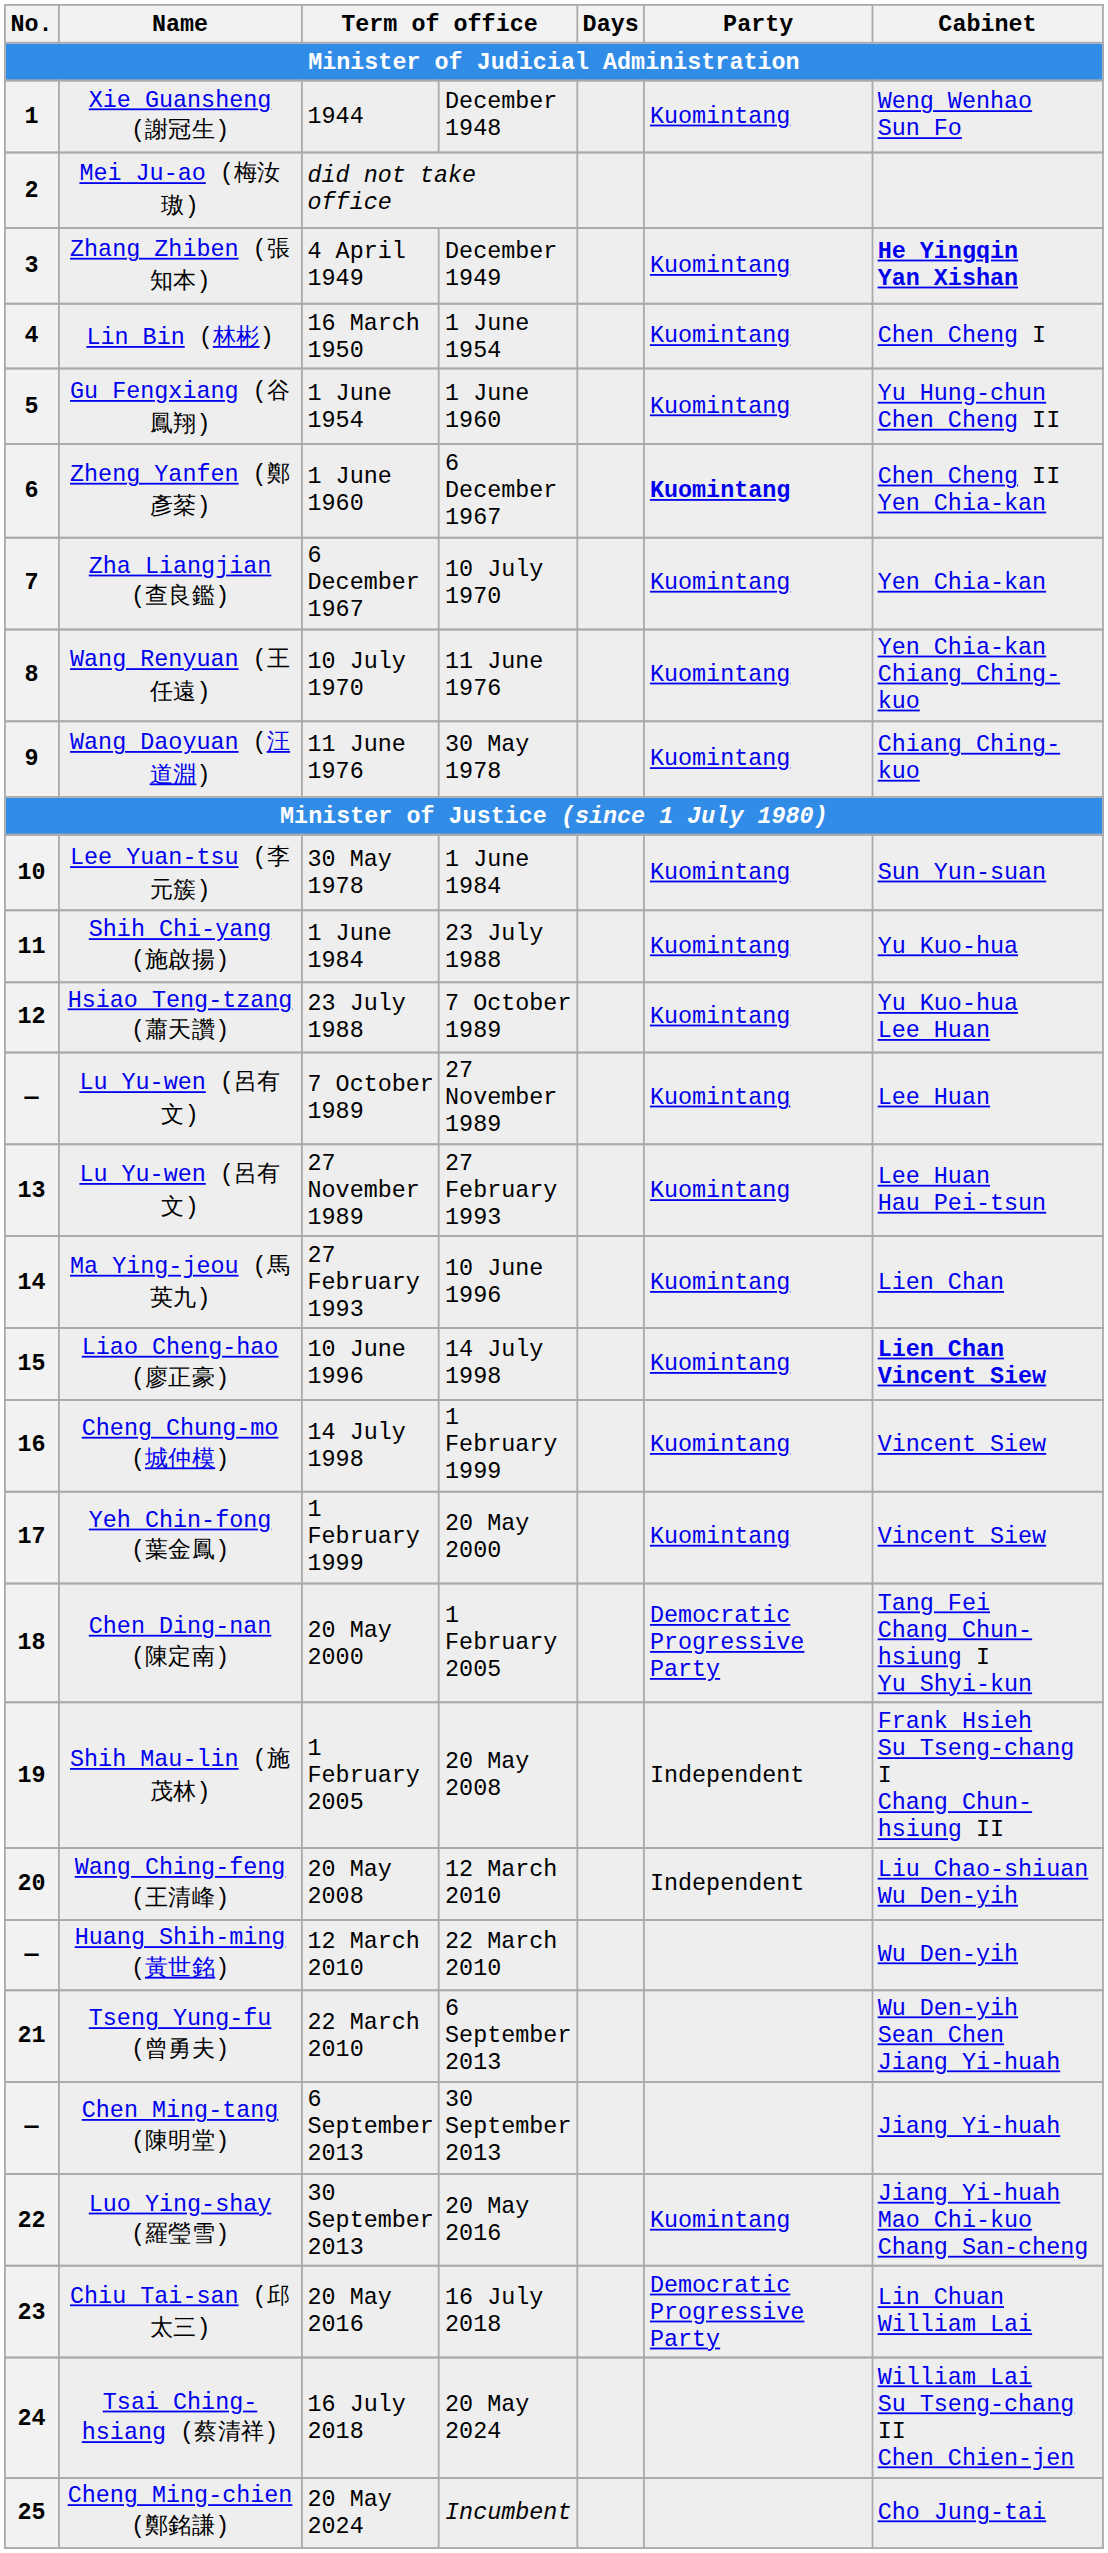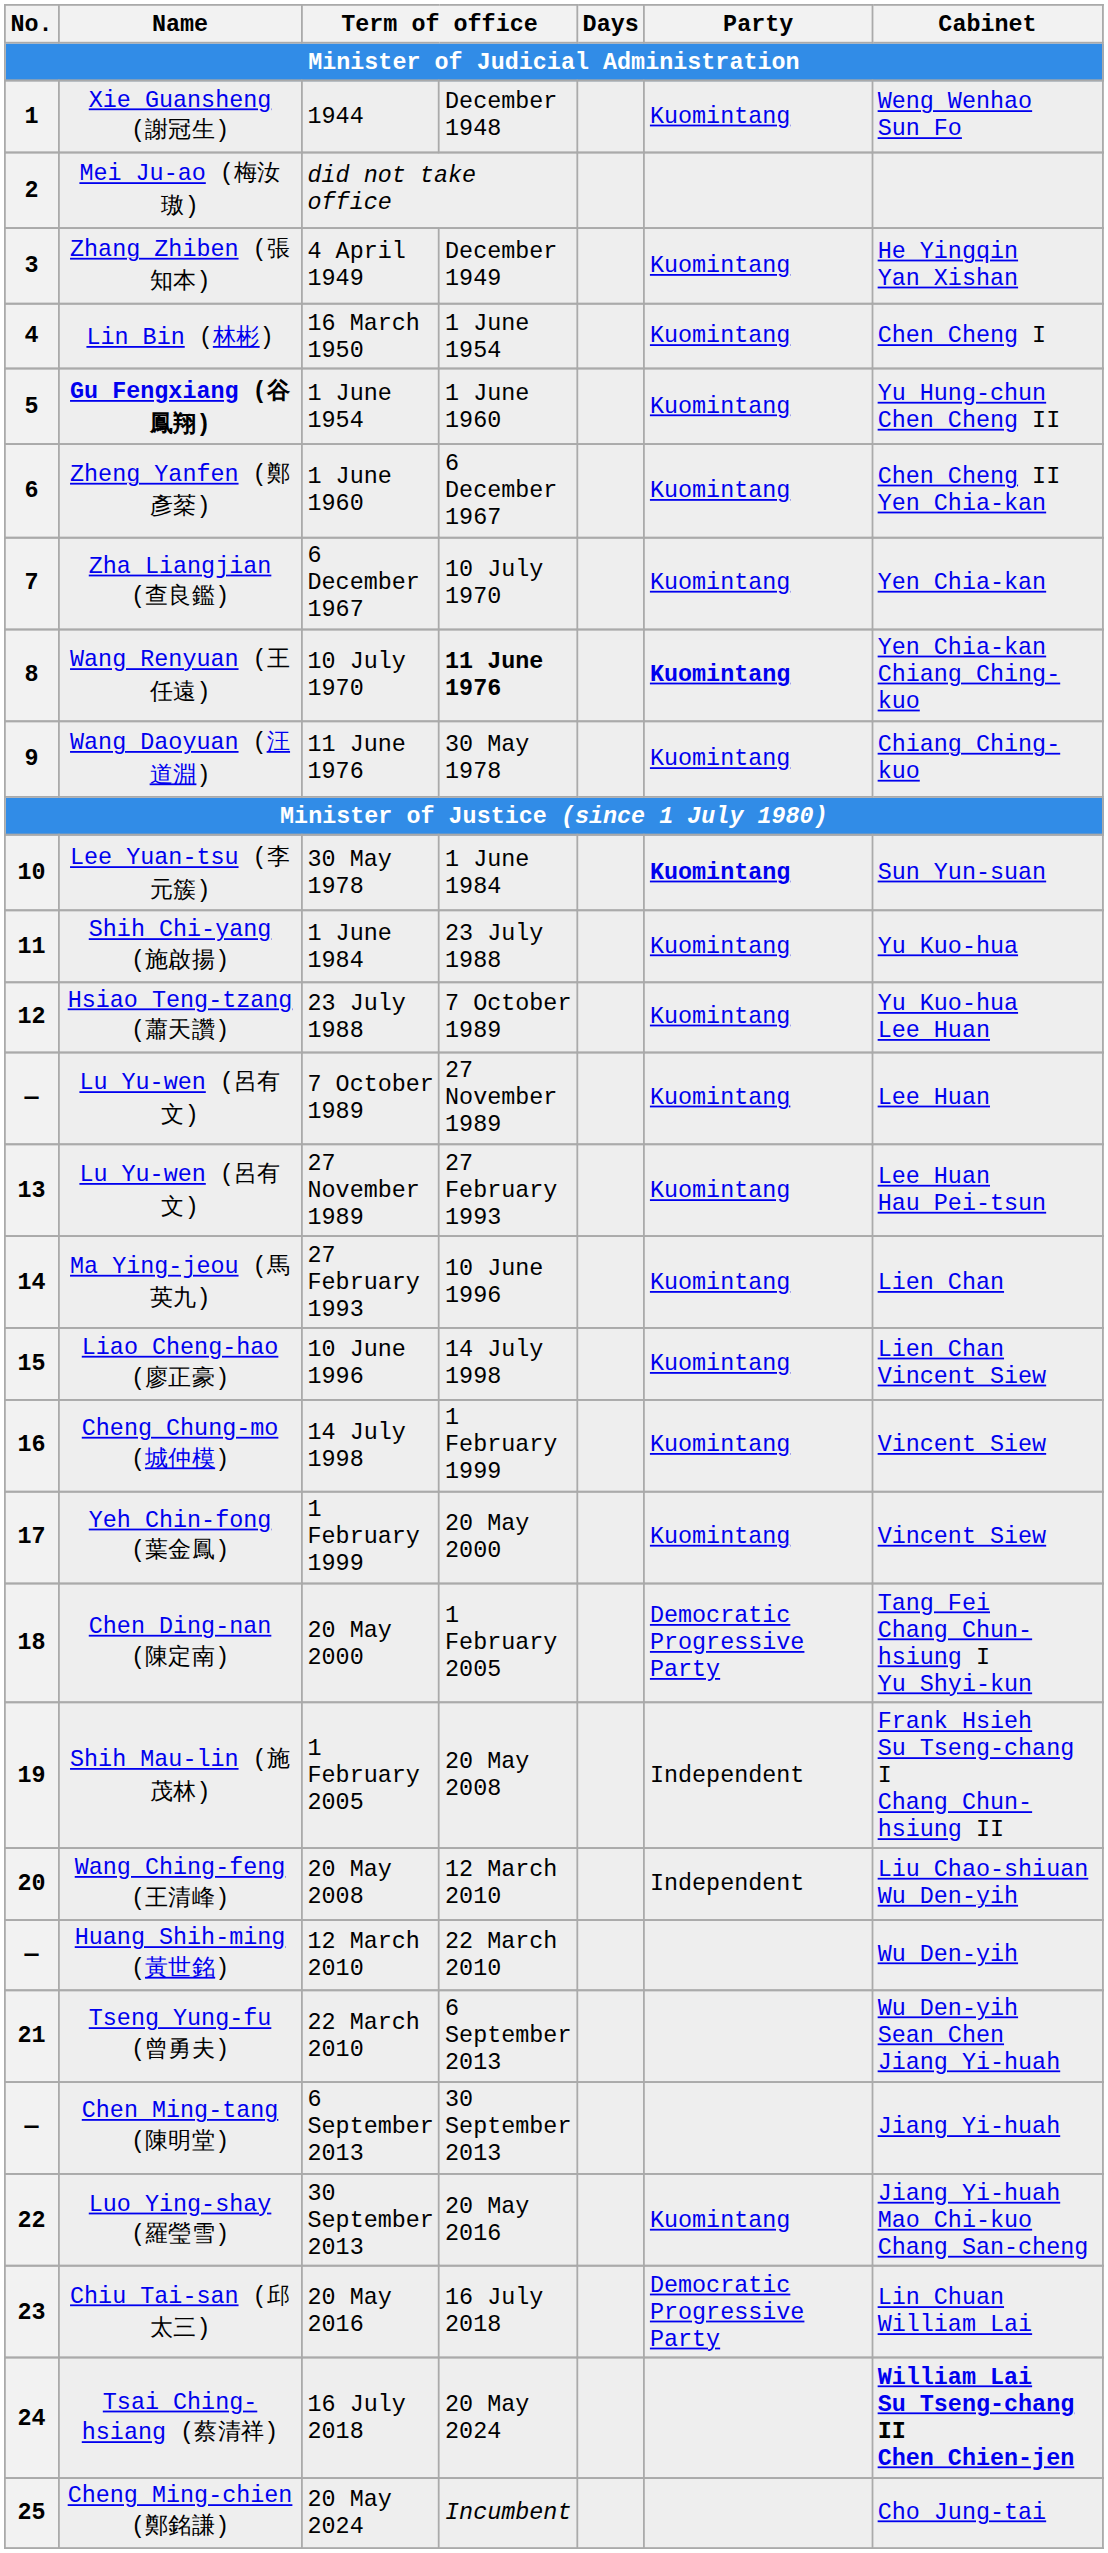 <table class="wikitable">
 <tr ->
 <th>No.</th>
 <th width="180">Name</th>
 <th colspan=2 width="180">Term of office</th>
 <th>Days</th>
 <th width="150">Party</th>
 <th width="180">Cabinet</th>
 </tr>
 <tr ->
 <th colspan=7 style="background:#318CE7; color:white;">Minister of Judicial Administration</th>
 </tr>
 <tr ->
 </tr>
 <tr - bgcolor=#EEEEEE>
 <th style="background:">1</th>
 <td align=center><a href='#'>Xie Guansheng</a> (謝冠生)</td>
 <td>1944</td>
 <td>December 1948</td>
 <td></td>
 <td><a href='#'>Kuomintang</a></td>
 <td><a href='#'>Weng Wenhao</a><br><a href='#'>Sun Fo</a></td>
 </tr>
 <tr ->
 </tr>
 <tr - bgcolor=#EEEEEE>
 <th style="background:">2</th>
 <td align=center><a href='#'>Mei Ju-ao</a> (梅汝璈)</td>
 <td colspan=2><em>did not take office</em></td>
 <td></td>
 <td></td>
 <td></td>
 </tr>
 <tr ->
 </tr>
 <tr - bgcolor=#EEEEEE>
 <th style="background:">3</th>
 <td align=center><a href='#'>Zhang Zhiben</a> (張知本)</td>
 <td>4 April 1949</td>
 <td>December 1949</td>
 <td></td>
 <td><a href='#'>Kuomintang</a></td>
-<td><strong><a href='#'>He Yingqin</a><br><a href='#'>Yan Xishan</a></strong></td>
+<td><a href='#'>He Yingqin</a><br><a href='#'>Yan Xishan</a></td>
 </tr>
 <tr ->
 </tr>
 <tr - bgcolor=#EEEEEE>
 <th style="background:">4</th>
 <td align=center><a href='#'>Lin Bin</a> (<a href='#'>林彬</a>)</td>
 <td>16 March 1950</td>
 <td>1 June 1954</td>
 <td></td>
 <td><a href='#'>Kuomintang</a></td>
 <td><a href='#'>Chen Cheng</a> I</td>
 </tr>
 <tr ->
 </tr>
 <tr - bgcolor=#EEEEEE>
 <th style="background:">5</th>
-<td align=center><a href='#'>Gu Fengxiang</a> (谷鳳翔)</td>
+<td align=center><strong><a href='#'>Gu Fengxiang</a> (谷鳳翔)</strong></td>
 <td>1 June 1954</td>
 <td>1 June 1960</td>
 <td></td>
 <td><a href='#'>Kuomintang</a></td>
 <td><a href='#'>Yu Hung-chun</a><br><a href='#'>Chen Cheng</a> II</td>
 </tr>
 <tr ->
 </tr>
 <tr - bgcolor=#EEEEEE>
 <th style="background:">6</th>
 <td align=center><a href='#'>Zheng Yanfen</a> (鄭彥棻)</td>
 <td>1 June 1960</td>
 <td>6 December 1967</td>
 <td></td>
-<td><strong><a href='#'>Kuomintang</a></strong></td>
+<td><a href='#'>Kuomintang</a></td>
 <td><a href='#'>Chen Cheng</a> II<br><a href='#'>Yen Chia-kan</a></td>
 </tr>
 <tr ->
 </tr>
 <tr - bgcolor=#EEEEEE>
 <th style="background:">7</th>
 <td align=center><a href='#'>Zha Liangjian</a> (查良鑑)</td>
 <td>6 December 1967</td>
 <td>10 July 1970</td>
 <td></td>
 <td><a href='#'>Kuomintang</a></td>
 <td><a href='#'>Yen Chia-kan</a></td>
 </tr>
 <tr ->
 </tr>
 <tr - bgcolor=#EEEEEE>
 <th style="background:">8</th>
 <td align=center><a href='#'>Wang Renyuan</a> (王任遠)</td>
 <td>10 July 1970</td>
-<td>11 June 1976</td>
+<td><strong>11 June 1976</strong></td>
 <td></td>
-<td><a href='#'>Kuomintang</a></td>
+<td><strong><a href='#'>Kuomintang</a></strong></td>
 <td><a href='#'>Yen Chia-kan</a><br><a href='#'>Chiang Ching-kuo</a></td>
 </tr>
 <tr ->
 </tr>
 <tr - bgcolor=#EEEEEE>
 <th style="background:">9</th>
 <td align=center><a href='#'>Wang Daoyuan</a> (<a href='#'>汪道淵</a>)</td>
 <td>11 June 1976</td>
 <td>30 May 1978</td>
 <td></td>
 <td><a href='#'>Kuomintang</a></td>
 <td><a href='#'>Chiang Ching-kuo</a></td>
 </tr>
 <tr ->
 <th colspan=7 style="background:#318CE7; color:white;">Minister of Justice <em>(since 1 July 1980)</em></th>
 </tr>
 <tr ->
 </tr>
 <tr - bgcolor=#EEEEEE>
 <th style="background:">10</th>
 <td align=center><a href='#'>Lee Yuan-tsu</a> (李元簇)</td>
 <td>30 May 1978</td>
 <td>1 June 1984</td>
 <td></td>
-<td><a href='#'>Kuomintang</a></td>
+<td><strong><a href='#'>Kuomintang</a></strong></td>
 <td><a href='#'>Sun Yun-suan</a></td>
 </tr>
 <tr ->
 </tr>
 <tr - bgcolor=#EEEEEE>
 <th style="background:">11</th>
 <td align=center><a href='#'>Shih Chi-yang</a> (施啟揚)</td>
 <td>1 June 1984</td>
 <td>23 July 1988</td>
 <td></td>
 <td><a href='#'>Kuomintang</a></td>
 <td><a href='#'>Yu Kuo-hua</a></td>
 </tr>
 <tr ->
 </tr>
 <tr - bgcolor=#EEEEEE>
 <th style="background:">12</th>
 <td align=center><a href='#'>Hsiao Teng-tzang</a> (蕭天讚)</td>
 <td>23 July 1988</td>
 <td>7 October 1989</td>
 <td></td>
 <td><a href='#'>Kuomintang</a></td>
 <td><a href='#'>Yu Kuo-hua</a><br><a href='#'>Lee Huan</a></td>
 </tr>
 <tr ->
 </tr>
 <tr - bgcolor=#EEEEEE>
 <th style="background:">—</th>
 <td align=center><a href='#'>Lu Yu-wen</a> (呂有文)</td>
 <td>7 October 1989</td>
 <td>27 November 1989</td>
 <td></td>
 <td><a href='#'>Kuomintang</a></td>
 <td><a href='#'>Lee Huan</a></td>
 </tr>
 <tr ->
 </tr>
 <tr - bgcolor=#EEEEEE>
 <th style="background:">13</th>
 <td align=center><a href='#'>Lu Yu-wen</a> (呂有文)</td>
 <td>27 November 1989</td>
 <td>27 February 1993</td>
 <td></td>
 <td><a href='#'>Kuomintang</a></td>
 <td><a href='#'>Lee Huan</a><br><a href='#'>Hau Pei-tsun</a></td>
 </tr>
 <tr ->
 </tr>
 <tr - bgcolor=#EEEEEE>
 <th style="background:">14</th>
 <td align=center><a href='#'>Ma Ying-jeou</a> (馬英九)</td>
 <td>27 February 1993</td>
 <td>10 June 1996</td>
 <td></td>
 <td><a href='#'>Kuomintang</a></td>
 <td><a href='#'>Lien Chan</a></td>
 </tr>
 <tr ->
 </tr>
 <tr - bgcolor=#EEEEEE>
 <th style="background:">15</th>
 <td align=center><a href='#'>Liao Cheng-hao</a> (廖正豪)</td>
 <td>10 June 1996</td>
 <td>14 July 1998</td>
 <td></td>
 <td><a href='#'>Kuomintang</a></td>
-<td><strong><a href='#'>Lien Chan</a><br><a href='#'>Vincent Siew</a></strong></td>
+<td><a href='#'>Lien Chan</a><br><a href='#'>Vincent Siew</a></td>
 </tr>
 <tr ->
 </tr>
 <tr - bgcolor=#EEEEEE>
 <th style="background:">16</th>
 <td align=center><a href='#'>Cheng Chung-mo</a> (<a href='#'>城仲模</a>)</td>
 <td>14 July 1998</td>
 <td>1 February 1999</td>
 <td></td>
 <td><a href='#'>Kuomintang</a></td>
 <td><a href='#'>Vincent Siew</a></td>
 </tr>
 <tr ->
 </tr>
 <tr - bgcolor=#EEEEEE>
 <th style="background:">17</th>
 <td align=center><a href='#'>Yeh Chin-fong</a> (葉金鳳)</td>
 <td>1 February 1999</td>
 <td>20 May 2000</td>
 <td></td>
 <td><a href='#'>Kuomintang</a></td>
 <td><a href='#'>Vincent Siew</a></td>
 </tr>
 <tr ->
 </tr>
 <tr - bgcolor=#EEEEEE>
 <th style="background:">18</th>
 <td align=center><a href='#'>Chen Ding-nan</a> (陳定南)</td>
 <td>20 May 2000</td>
 <td>1 February 2005</td>
 <td></td>
 <td><a href='#'>Democratic Progressive Party</a></td>
 <td><a href='#'>Tang Fei</a><br><a href='#'>Chang Chun-hsiung</a> I<br><a href='#'>Yu Shyi-kun</a></td>
 </tr>
 <tr ->
 </tr>
 <tr - bgcolor=#EEEEEE>
 <th style="background:">19</th>
 <td align=center><a href='#'>Shih Mau-lin</a> (施茂林)</td>
 <td>1 February 2005</td>
 <td>20 May 2008</td>
 <td></td>
 <td>Independent</td>
 <td><a href='#'>Frank Hsieh</a><br><a href='#'>Su Tseng-chang</a> I<br><a href='#'>Chang Chun-hsiung</a> II</td>
 </tr>
 <tr ->
 </tr>
 <tr - bgcolor=#EEEEEE>
 <th style="background:">20</th>
 <td align=center><a href='#'>Wang Ching-feng</a> (王清峰)</td>
 <td>20 May 2008</td>
 <td>12 March 2010</td>
 <td></td>
 <td>Independent</td>
 <td><a href='#'>Liu Chao-shiuan</a><br><a href='#'>Wu Den-yih</a></td>
 </tr>
 <tr ->
 </tr>
 <tr - bgcolor=#EEEEEE>
 <th style="background:">—</th>
 <td align=center><a href='#'>Huang Shih-ming</a> (<a href='#'>黃世銘</a>)</td>
 <td>12 March 2010</td>
 <td>22 March 2010</td>
 <td></td>
 <td></td>
 <td><a href='#'>Wu Den-yih</a></td>
 </tr>
 <tr ->
 </tr>
 <tr - bgcolor=#EEEEEE>
 <th style="background:">21</th>
 <td align=center><a href='#'>Tseng Yung-fu</a> (曾勇夫)</td>
 <td>22 March 2010</td>
 <td>6 September 2013</td>
 <td></td>
 <td></td>
 <td><a href='#'>Wu Den-yih</a><br><a href='#'>Sean Chen</a><br><a href='#'>Jiang Yi-huah</a></td>
 </tr>
 <tr ->
 </tr>
 <tr - bgcolor=#EEEEEE>
 <th style="background:">—</th>
 <td align=center><a href='#'>Chen Ming-tang</a> (陳明堂)</td>
 <td>6 September 2013</td>
 <td>30 September 2013</td>
 <td></td>
 <td></td>
 <td><a href='#'>Jiang Yi-huah</a></td>
 </tr>
 <tr ->
 </tr>
 <tr - bgcolor=#EEEEEE>
 <th style="background:">22</th>
 <td align=center><a href='#'>Luo Ying-shay</a> (羅瑩雪)</td>
 <td>30 September 2013</td>
 <td>20 May 2016</td>
 <td></td>
 <td><a href='#'>Kuomintang</a></td>
 <td><a href='#'>Jiang Yi-huah</a><br><a href='#'>Mao Chi-kuo</a><br><a href='#'>Chang San-cheng</a></td>
 </tr>
 <tr ->
 </tr>
 <tr - bgcolor=#EEEEEE>
 <th style="background:">23</th>
 <td align=center><a href='#'>Chiu Tai-san</a> (邱太三)</td>
 <td>20 May 2016</td>
 <td>16 July 2018</td>
 <td></td>
 <td><a href='#'>Democratic Progressive Party</a></td>
 <td><a href='#'>Lin Chuan</a><br><a href='#'>William Lai</a></td>
 </tr>
 <tr ->
 </tr>
 <tr - bgcolor=#EEEEEE>
 <th style="background:">24</th>
 <td align=center><a href='#'>Tsai Ching-hsiang</a> (蔡清祥)</td>
 <td>16 July 2018</td>
 <td>20 May 2024</td>
 <td></td>
 <td></td>
-<td><a href='#'>William Lai</a><br><a href='#'>Su Tseng-chang</a> II<br><a href='#'>Chen Chien-jen</a></td>
+<td><strong><a href='#'>William Lai</a><br><a href='#'>Su Tseng-chang</a> II<br><a href='#'>Chen Chien-jen</a></strong></td>
 </tr>
 <tr ->
 </tr>
 <tr - bgcolor=#EEEEEE>
 <th style="background:">25</th>
 <td align=center><a href='#'>Cheng Ming-chien</a> (鄭銘謙)</td>
 <td>20 May 2024</td>
 <td><em>Incumbent</em></td>
 <td></td>
 <td></td>
 <td><a href='#'>Cho Jung-tai</a></td>
 </tr>
 <tr ->
 </tr>
 </table>
